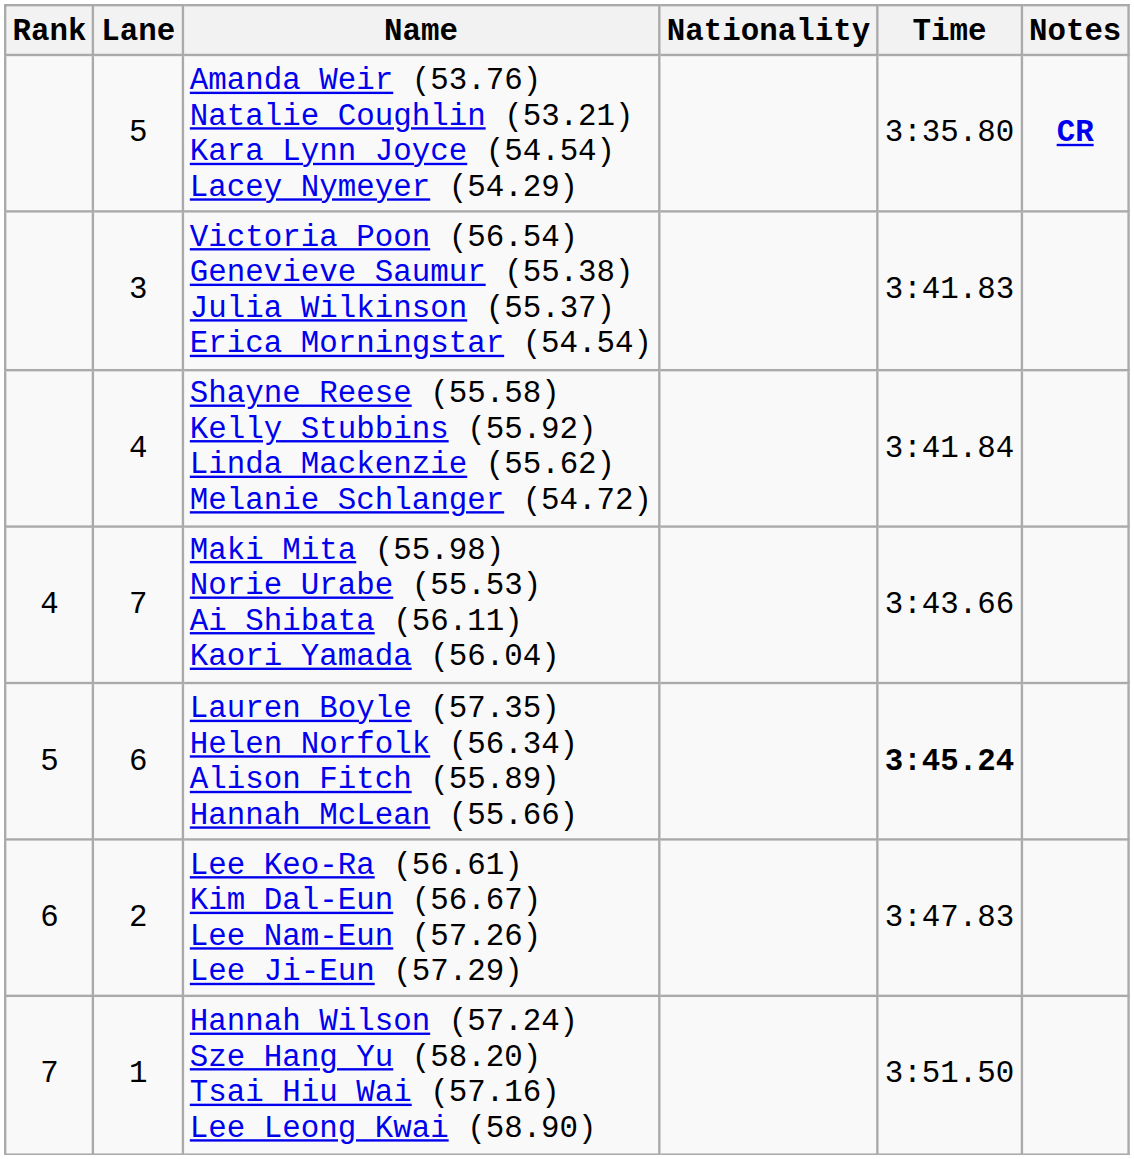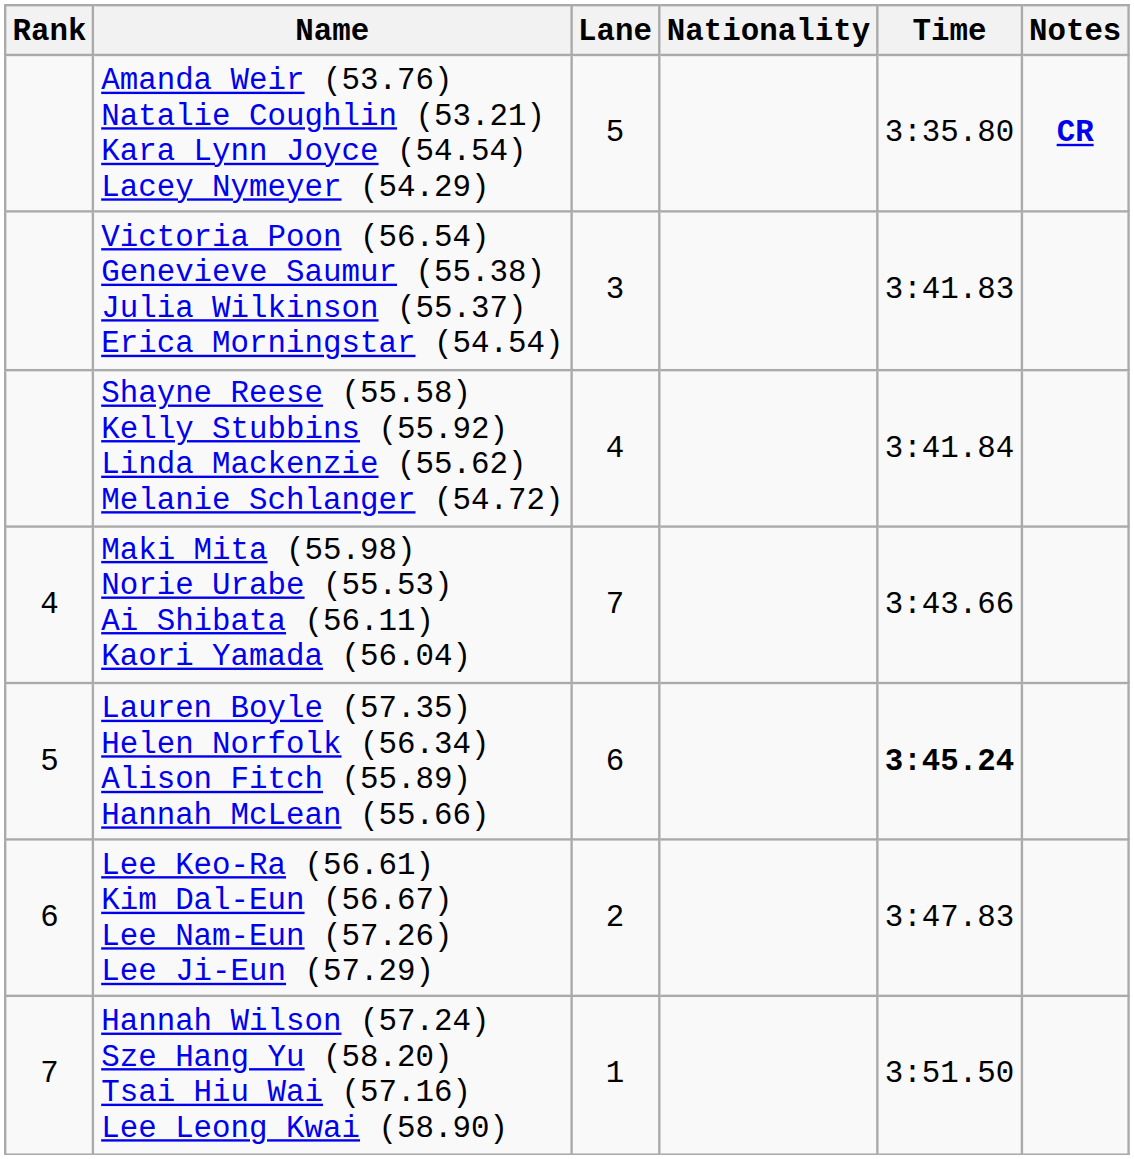 <table class="wikitable sortable" style="text-align:center">
 <tr>
 <th>Rank</th>
+<th>Name</th>
 <th>Lane</th>
-<th>Name</th>
 <th>Nationality</th>
 <th>Time</th>
 <th>Notes</th>
 </tr>
 <tr>
 <td></td>
+<td align=left><a href='#'>Amanda Weir</a> (53.76) <br><a href='#'>Natalie Coughlin</a> (53.21) <br><a href='#'>Kara Lynn Joyce</a> (54.54) <br><a href='#'>Lacey Nymeyer</a> (54.29)</td>
 <td>5</td>
-<td align=left><a href='#'>Amanda Weir</a> (53.76) <br><a href='#'>Natalie Coughlin</a> (53.21) <br><a href='#'>Kara Lynn Joyce</a> (54.54) <br><a href='#'>Lacey Nymeyer</a> (54.29)</td>
 <td align=left></td>
 <td>3:35.80</td>
 <td><strong><a href='#'>CR</a></strong></td>
 </tr>
 <tr>
 <td></td>
+<td align=left><a href='#'>Victoria Poon</a> (56.54) <br><a href='#'>Genevieve Saumur</a> (55.38) <br><a href='#'>Julia Wilkinson</a> (55.37) <br><a href='#'>Erica Morningstar</a> (54.54)</td>
 <td>3</td>
-<td align=left><a href='#'>Victoria Poon</a> (56.54) <br><a href='#'>Genevieve Saumur</a> (55.38) <br><a href='#'>Julia Wilkinson</a> (55.37) <br><a href='#'>Erica Morningstar</a> (54.54)</td>
 <td align=left></td>
 <td>3:41.83</td>
 <td></td>
 </tr>
 <tr>
 <td></td>
+<td align=left><a href='#'>Shayne Reese</a> (55.58) <br><a href='#'>Kelly Stubbins</a> (55.92) <br><a href='#'>Linda Mackenzie</a> (55.62) <br><a href='#'>Melanie Schlanger</a> (54.72)</td>
 <td>4</td>
-<td align=left><a href='#'>Shayne Reese</a> (55.58) <br><a href='#'>Kelly Stubbins</a> (55.92) <br><a href='#'>Linda Mackenzie</a> (55.62) <br><a href='#'>Melanie Schlanger</a> (54.72)</td>
 <td align=left></td>
 <td>3:41.84</td>
 <td></td>
 </tr>
 <tr>
 <td>4</td>
+<td align=left><a href='#'>Maki Mita</a> (55.98) <br> <a href='#'>Norie Urabe</a> (55.53) <br> <a href='#'>Ai Shibata</a> (56.11) <br> <a href='#'>Kaori Yamada</a> (56.04)</td>
 <td>7</td>
-<td align=left><a href='#'>Maki Mita</a> (55.98) <br> <a href='#'>Norie Urabe</a> (55.53) <br> <a href='#'>Ai Shibata</a> (56.11) <br> <a href='#'>Kaori Yamada</a> (56.04)</td>
 <td align=left></td>
 <td>3:43.66</td>
 <td></td>
 </tr>
 <tr>
 <td>5</td>
+<td align=left><a href='#'>Lauren Boyle</a> (57.35) <br> <a href='#'>Helen Norfolk</a> (56.34) <br> <a href='#'>Alison Fitch</a> (55.89) <br> <a href='#'>Hannah McLean</a> (55.66)</td>
 <td>6</td>
-<td align=left><a href='#'>Lauren Boyle</a> (57.35) <br> <a href='#'>Helen Norfolk</a> (56.34) <br> <a href='#'>Alison Fitch</a> (55.89) <br> <a href='#'>Hannah McLean</a> (55.66)</td>
 <td align=left></td>
 <td><strong>3:45.24</strong></td>
 <td></td>
 </tr>
 <tr>
 <td>6</td>
+<td align=left><a href='#'>Lee Keo-Ra</a> (56.61) <br><a href='#'>Kim Dal-Eun</a> (56.67) <br><a href='#'>Lee Nam-Eun</a> (57.26) <br><a href='#'>Lee Ji-Eun</a> (57.29)</td>
 <td>2</td>
-<td align=left><a href='#'>Lee Keo-Ra</a> (56.61) <br><a href='#'>Kim Dal-Eun</a> (56.67) <br><a href='#'>Lee Nam-Eun</a> (57.26) <br><a href='#'>Lee Ji-Eun</a> (57.29)</td>
 <td align=left></td>
 <td>3:47.83</td>
 <td></td>
 </tr>
 <tr>
 <td>7</td>
+<td align=left><a href='#'>Hannah Wilson</a> (57.24) <br><a href='#'>Sze Hang Yu</a> (58.20) <br><a href='#'>Tsai Hiu Wai</a> (57.16) <br><a href='#'>Lee Leong Kwai</a> (58.90)</td>
 <td>1</td>
-<td align=left><a href='#'>Hannah Wilson</a> (57.24) <br><a href='#'>Sze Hang Yu</a> (58.20) <br><a href='#'>Tsai Hiu Wai</a> (57.16) <br><a href='#'>Lee Leong Kwai</a> (58.90)</td>
 <td align=left></td>
 <td>3:51.50</td>
 <td></td>
 </tr>
 </table>
